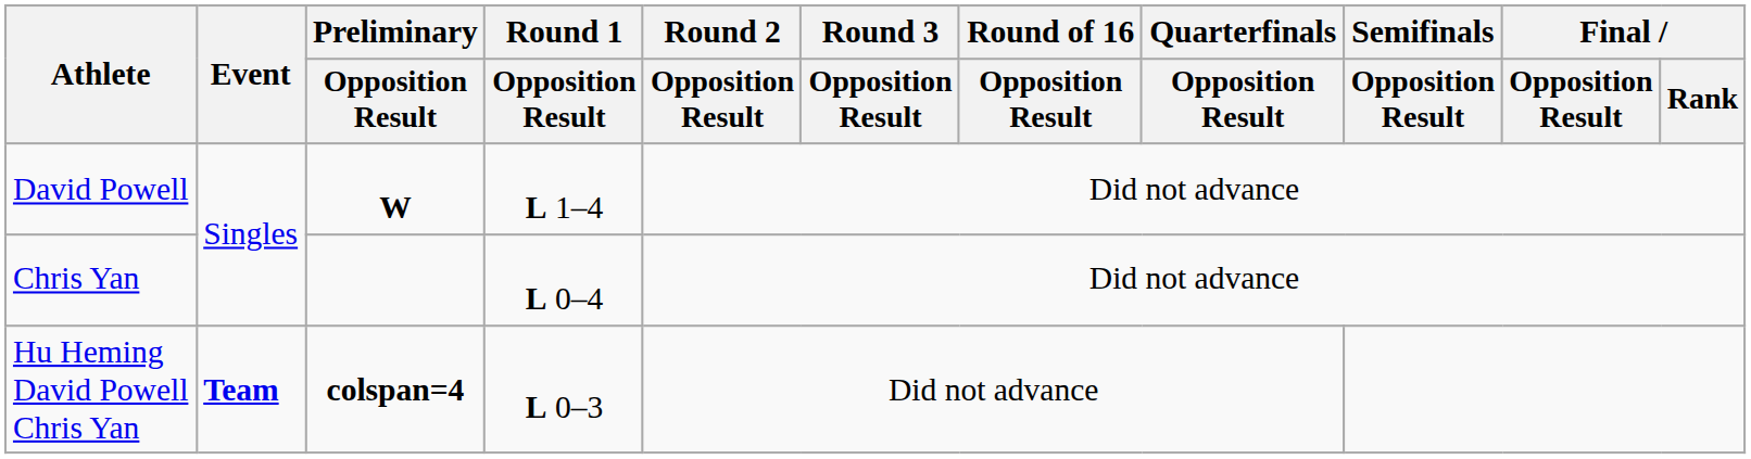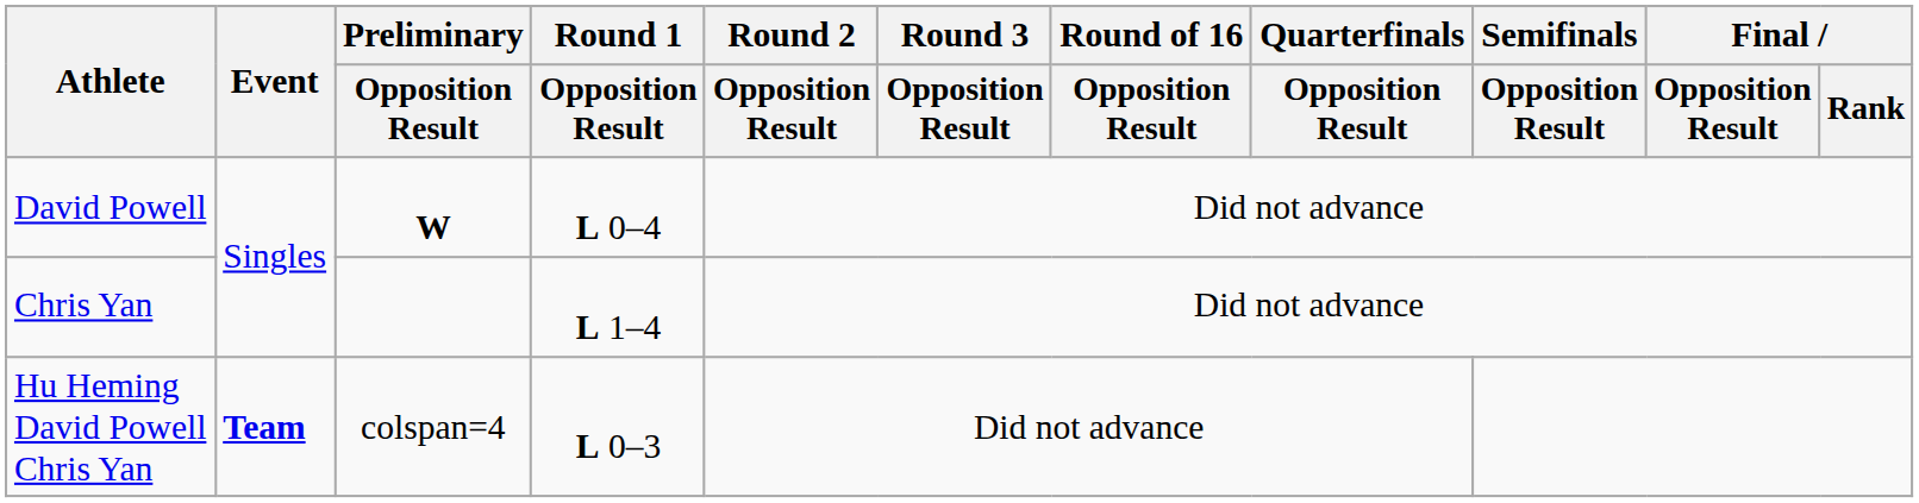 <table class=wikitable style=font-size:90%;text-align:center>
 <tr>
 <th rowspan=2>Athlete</th>
 <th rowspan=2>Event</th>
 <th>Preliminary</th>
 <th>Round 1</th>
 <th>Round 2</th>
 <th>Round 3</th>
 <th>Round of 16</th>
 <th>Quarterfinals</th>
 <th>Semifinals</th>
 <th colspan=2>Final / </th>
 </tr>
 <tr style=font-size:95%>
 <th>Opposition<br>Result</th>
 <th>Opposition<br>Result</th>
 <th>Opposition<br>Result</th>
 <th>Opposition<br>Result</th>
 <th>Opposition<br>Result</th>
 <th>Opposition<br>Result</th>
 <th>Opposition<br>Result</th>
 <th>Opposition<br>Result</th>
 <th>Rank</th>
 </tr>
 <tr>
 <td align=left><a href='#'>David Powell</a></td>
 <td align=left rowspan=2><a href='#'>Singles</a></td>
 <td><br><strong>W</strong> </td>
-<td><br><strong>L</strong> 1–4</td>
+<td><br><strong>L</strong> 0–4</td>
 <td colspan=7>Did not advance</td>
 </tr>
 <tr>
 <td align=left><a href='#'>Chris Yan</a></td>
 <td></td>
-<td><br><strong>L</strong> 0–4</td>
+<td><br><strong>L</strong> 1–4</td>
 <td colspan=7>Did not advance</td>
 </tr>
 <tr>
 <td align=left><a href='#'>Hu Heming</a><br><a href='#'>David Powell</a><br><a href='#'>Chris Yan</a></td>
 <td align=left><strong><a href='#'>Team</a></strong></td>
-<td><strong>colspan=4 </strong></td>
+<td>colspan=4 </td>
 <td><br><strong>L</strong> 0–3</td>
 <td colspan="4">Did not advance</td>
 </tr>
 </table>
